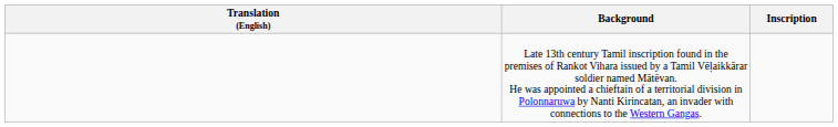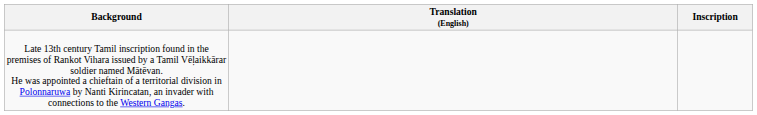 <table class="wikitable centre">
 <tr>
+<th scope="col" align=left>Background<br></th>
 <th>Translation<br><small>(English)</small></th>
-<th scope="col" align=left>Background<br></th>
 <th>Inscription<br></th>
 </tr>
 <tr>
+<td align=center width="30%"><br>Late 13th century Tamil inscription found in the premises of Rankot Vihara issued by a Tamil Vēḷaikkārar soldier named Mātēvan.<br>He was appointed a chieftain of a territorial division in <a href='#'>Polonnaruwa</a> by Nanti Kirincatan, an invader with connections to the <a href='#'>Western Gangas</a>.</td>
 <td align=left><br></td>
-<td align=center width="30%"><br>Late 13th century Tamil inscription found in the premises of Rankot Vihara issued by a Tamil Vēḷaikkārar soldier named Mātēvan.<br>He was appointed a chieftain of a territorial division in <a href='#'>Polonnaruwa</a> by Nanti Kirincatan, an invader with connections to the <a href='#'>Western Gangas</a>.</td>
 <td align=center width="10%"><br></td>
 </tr>
 </table>
